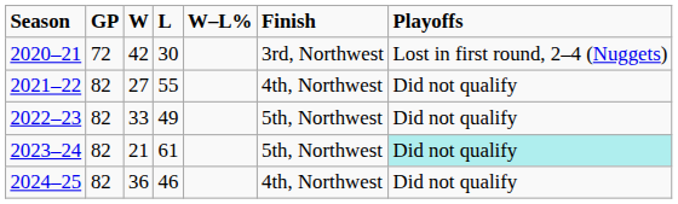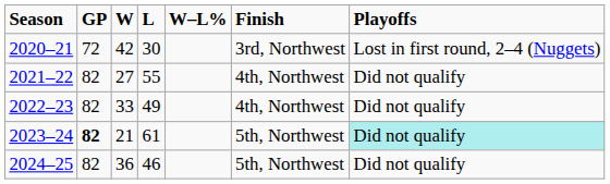 <table class="wikitable">
 <tr style="font-weight:bold; ">
 <td>Season</td>
 <td>GP</td>
 <td>W</td>
 <td>L</td>
 <td>W–L%</td>
 <td>Finish</td>
 <td>Playoffs</td>
 </tr>
 <tr>
 <td><a href='#'>2020–21</a></td>
 <td>72</td>
 <td>42</td>
 <td>30</td>
 <td></td>
 <td>3rd, Northwest</td>
 <td>Lost in first round, 2–4 (<a href='#'>Nuggets</a>)</td>
 </tr>
 <tr>
 <td><a href='#'>2021–22</a></td>
 <td>82</td>
 <td>27</td>
 <td>55</td>
 <td></td>
 <td>4th, Northwest</td>
 <td>Did not qualify</td>
 </tr>
 <tr>
 <td><a href='#'>2022–23</a></td>
 <td>82</td>
 <td>33</td>
 <td>49</td>
 <td></td>
-<td>5th, Northwest</td>
+<td>4th, Northwest</td>
 <td>Did not qualify</td>
 </tr>
 <tr>
 <td><a href='#'>2023–24</a></td>
-<td>82</td>
+<td><strong>82</strong></td>
 <td>21</td>
 <td>61</td>
 <td></td>
 <td>5th, Northwest</td>
 <td style="background: paleturquoise;">Did not qualify</td>
 </tr>
 <tr>
 <td><a href='#'>2024–25</a></td>
 <td>82</td>
 <td>36</td>
 <td>46</td>
 <td></td>
-<td>4th, Northwest</td>
+<td>5th, Northwest</td>
 <td>Did not qualify</td>
 </tr>
 </table>
